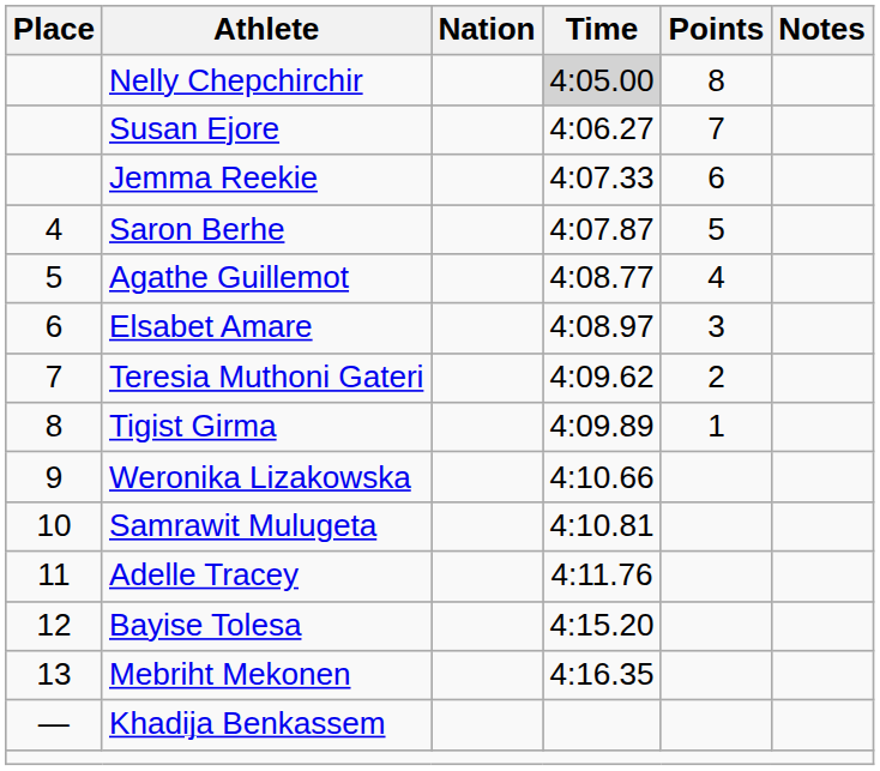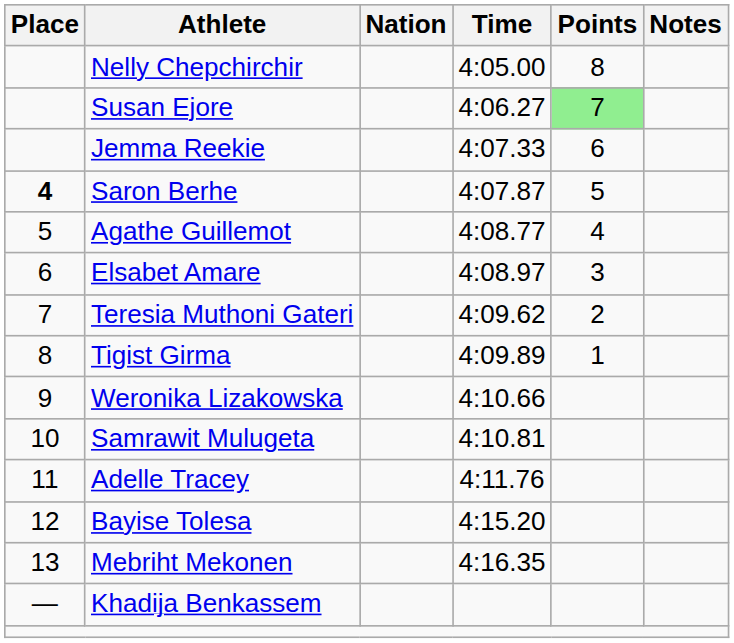 <table class="wikitable mw-datatable sortable" style="text-align:center;">
 <tr>
 <th scope="col">Place</th>
 <th scope="col">Athlete</th>
 <th scope="col">Nation</th>
 <th scope="col">Time</th>
 <th scope="col">Points</th>
 <th scope="col">Notes</th>
 </tr>
 <tr>
 <td></td>
 <td align="left"><a href='#'>Nelly Chepchirchir</a></td>
 <td align="left"></td>
-<td style="background: lightgrey;">4:05.00</td>
+<td>4:05.00</td>
 <td>8</td>
 <td></td>
 </tr>
 <tr>
 <td></td>
 <td align="left"><a href='#'>Susan Ejore</a></td>
 <td align="left"></td>
 <td>4:06.27</td>
-<td>7</td>
+<td style="background: lightgreen;">7</td>
 <td></td>
 </tr>
 <tr>
 <td></td>
 <td align="left"><a href='#'>Jemma Reekie</a></td>
 <td align="left"></td>
 <td>4:07.33</td>
 <td>6</td>
 <td></td>
 </tr>
 <tr>
-<td>4</td>
+<td><strong>4</strong></td>
 <td align="left"><a href='#'>Saron Berhe</a></td>
 <td align="left"></td>
 <td>4:07.87</td>
 <td>5</td>
 <td></td>
 </tr>
 <tr>
 <td>5</td>
 <td align="left"><a href='#'>Agathe Guillemot</a></td>
 <td align="left"></td>
 <td>4:08.77</td>
 <td>4</td>
 <td></td>
 </tr>
 <tr>
 <td>6</td>
 <td align="left"><a href='#'>Elsabet Amare</a></td>
 <td align="left"></td>
 <td>4:08.97</td>
 <td>3</td>
 <td></td>
 </tr>
 <tr>
 <td>7</td>
 <td align="left"><a href='#'>Teresia Muthoni Gateri</a></td>
 <td align="left"></td>
 <td>4:09.62</td>
 <td>2</td>
 <td></td>
 </tr>
 <tr>
 <td>8</td>
 <td align="left"><a href='#'>Tigist Girma</a></td>
 <td align="left"></td>
 <td>4:09.89</td>
 <td>1</td>
 <td></td>
 </tr>
 <tr>
 <td>9</td>
 <td align="left"><a href='#'>Weronika Lizakowska</a></td>
 <td align="left"></td>
 <td>4:10.66</td>
 <td></td>
 <td></td>
 </tr>
 <tr>
 <td>10</td>
 <td align="left"><a href='#'>Samrawit Mulugeta</a></td>
 <td align="left"></td>
 <td>4:10.81</td>
 <td></td>
 <td></td>
 </tr>
 <tr>
 <td>11</td>
 <td align="left"><a href='#'>Adelle Tracey</a></td>
 <td align="left"></td>
 <td>4:11.76</td>
 <td></td>
 <td></td>
 </tr>
 <tr>
 <td>12</td>
 <td align="left"><a href='#'>Bayise Tolesa</a></td>
 <td align="left"></td>
 <td>4:15.20</td>
 <td></td>
 <td></td>
 </tr>
 <tr>
 <td>13</td>
 <td align="left"><a href='#'>Mebriht Mekonen</a></td>
 <td align="left"></td>
 <td>4:16.35</td>
 <td></td>
 <td></td>
 </tr>
 <tr>
 <td>—</td>
 <td align="left"><a href='#'>Khadija Benkassem</a></td>
 <td align="left"></td>
 <td></td>
 <td></td>
 <td></td>
 </tr>
 <tr class="sortbottom">
 <td colspan="6"></td>
 </tr>
 </table>
